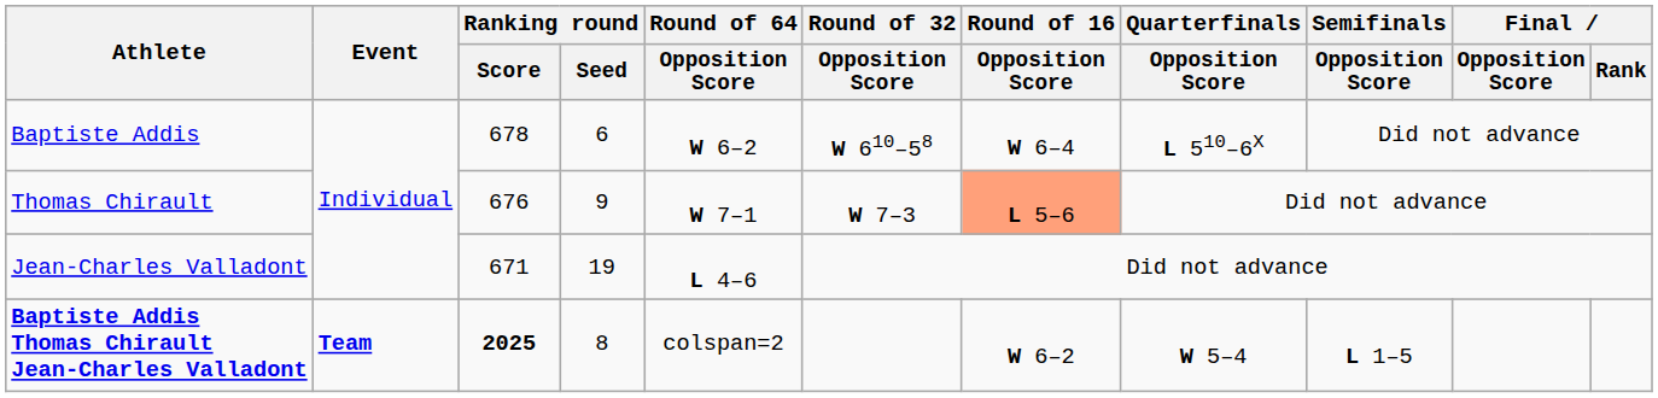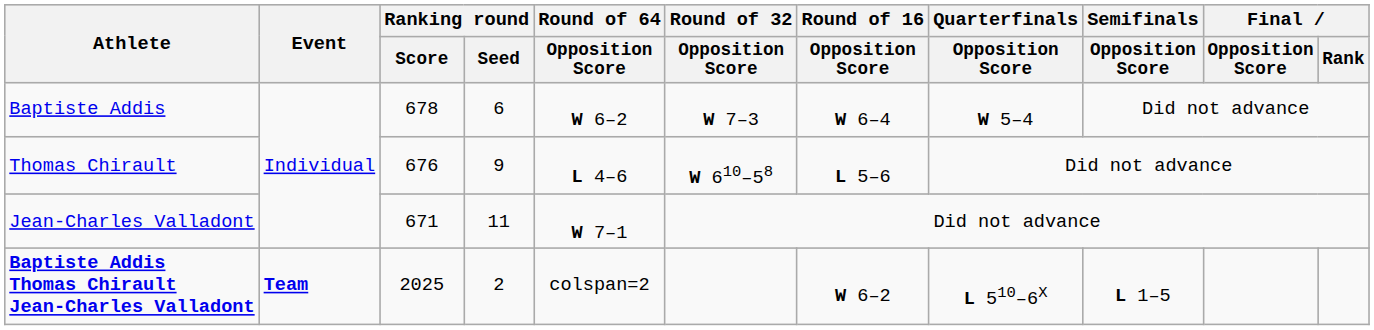 <table class="wikitable" style="font-size:90%; text-align:center">
 <tr>
 <th rowspan=2>Athlete</th>
 <th rowspan=2>Event</th>
 <th colspan="2">Ranking round</th>
 <th>Round of 64</th>
 <th>Round of 32</th>
 <th>Round of 16</th>
 <th>Quarterfinals</th>
 <th>Semifinals</th>
 <th colspan="2">Final / </th>
 </tr>
 <tr style="font-size:95%">
 <th>Score</th>
 <th>Seed</th>
 <th>Opposition<br>Score</th>
 <th>Opposition<br>Score</th>
 <th>Opposition<br>Score</th>
 <th>Opposition<br>Score</th>
 <th>Opposition<br>Score</th>
 <th>Opposition<br>Score</th>
 <th>Rank</th>
 </tr>
 <tr align=center>
 <td align=left><a href='#'>Baptiste Addis</a></td>
 <td align=left rowspan=3><a href='#'>Individual</a></td>
 <td>678</td>
 <td>6</td>
 <td><br><strong>W</strong> 6–2</td>
-<td><br><strong>W</strong> 6<sup>10</sup>–5<sup>8</sup></td>
+<td><br><strong>W</strong> 7–3</td>
 <td><br><strong>W</strong> 6–4</td>
-<td><br><strong>L</strong> 5<sup>10</sup>–6<sup>X</sup></td>
+<td><br><strong>W</strong> 5–4</td>
 <td colspan="3">Did not advance</td>
 </tr>
 <tr align=center>
 <td align=left><a href='#'>Thomas Chirault</a></td>
 <td>676</td>
 <td>9</td>
-<td><br><strong>W</strong> 7–1</td>
-<td><br><strong>W</strong> 7–3</td>
-<td style="background: lightsalmon;"><br><strong>L</strong> 5–6</td>
+<td><br><strong>L</strong> 4–6</td>
+<td><br><strong>W</strong> 6<sup>10</sup>–5<sup>8</sup></td>
+<td><br><strong>L</strong> 5–6</td>
 <td colspan="4">Did not advance</td>
 </tr>
 <tr align=center>
 <td align=left><a href='#'>Jean-Charles Valladont</a></td>
 <td>671</td>
-<td>19</td>
-<td><br><strong>L</strong> 4–6</td>
+<td>11</td>
+<td><br><strong>W</strong> 7–1</td>
 <td colspan="6">Did not advance</td>
 </tr>
 <tr align=center>
 <td align=left><strong><a href='#'>Baptiste Addis</a><br><a href='#'>Thomas Chirault</a><br><a href='#'>Jean-Charles Valladont</a></strong></td>
 <td align=left><strong><a href='#'>Team</a></strong></td>
-<td><strong>2025</strong></td>
-<td>8</td>
+<td>2025</td>
+<td>2</td>
 <td>colspan=2 </td>
 <td></td>
 <td><br><strong>W</strong> 6–2</td>
-<td><br><strong>W</strong> 5–4</td>
+<td><br><strong>L</strong> 5<sup>10</sup>–6<sup>X</sup></td>
 <td><br><strong>L</strong> 1–5</td>
 <td></td>
 </tr>
 </table>
